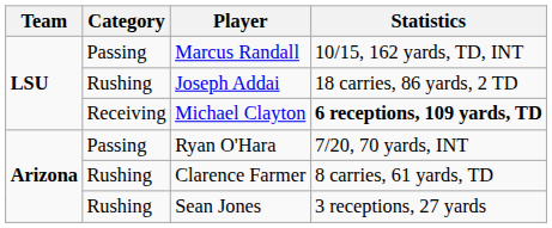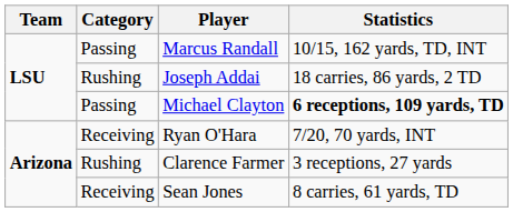 <table class="wikitable" style="float: right;">
 <tr>
 <th>Team</th>
 <th>Category</th>
 <th>Player</th>
 <th>Statistics</th>
 </tr>
 <tr>
 <td rowspan=3><strong>LSU</strong></td>
 <td>Passing</td>
 <td><a href='#'>Marcus Randall</a></td>
 <td>10/15, 162 yards, TD, INT</td>
 </tr>
 <tr>
 <td>Rushing</td>
 <td><a href='#'>Joseph Addai</a></td>
 <td>18 carries, 86 yards, 2 TD</td>
 </tr>
 <tr>
-<td>Receiving</td>
+<td>Passing</td>
 <td><a href='#'>Michael Clayton</a></td>
 <td><strong>6 receptions, 109 yards, TD</strong></td>
 </tr>
 <tr>
 <td rowspan=3><strong>Arizona</strong></td>
-<td>Passing</td>
+<td>Receiving</td>
 <td>Ryan O'Hara</td>
 <td>7/20, 70 yards, INT</td>
 </tr>
 <tr>
 <td>Rushing</td>
 <td>Clarence Farmer</td>
+<td>3 receptions, 27 yards</td>
+</tr>
+<tr>
+<td>Receiving</td>
+<td>Sean Jones</td>
 <td>8 carries, 61 yards, TD</td>
 </tr>
-<tr>
-<td>Rushing</td>
-<td>Sean Jones</td>
-<td>3 receptions, 27 yards</td>
-</tr>
 </table>
